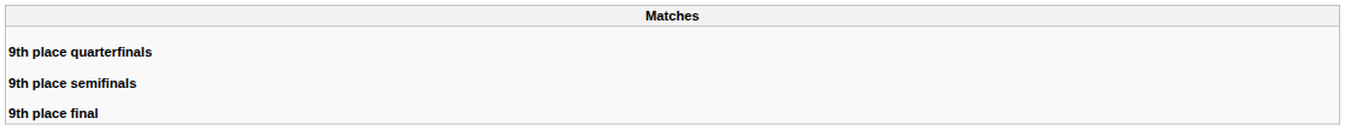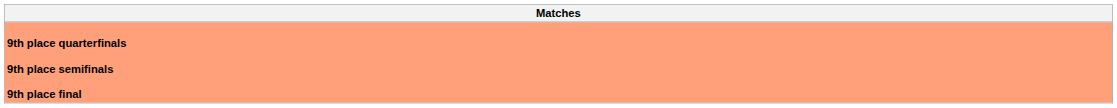 <table class="wikitable collapsible collapsed" style="width:100%;">
 <tr>
 <th>Matches</th>
 </tr>
 <tr>
-<td><br><strong>9th place quarterfinals</strong><br>   <br><strong>9th place semifinals</strong><br> <br><strong>9th place final</strong><br></td>
+<td style="background: lightsalmon;"><br><strong>9th place quarterfinals</strong><br>   <br><strong>9th place semifinals</strong><br> <br><strong>9th place final</strong><br></td>
 </tr>
 </table>
